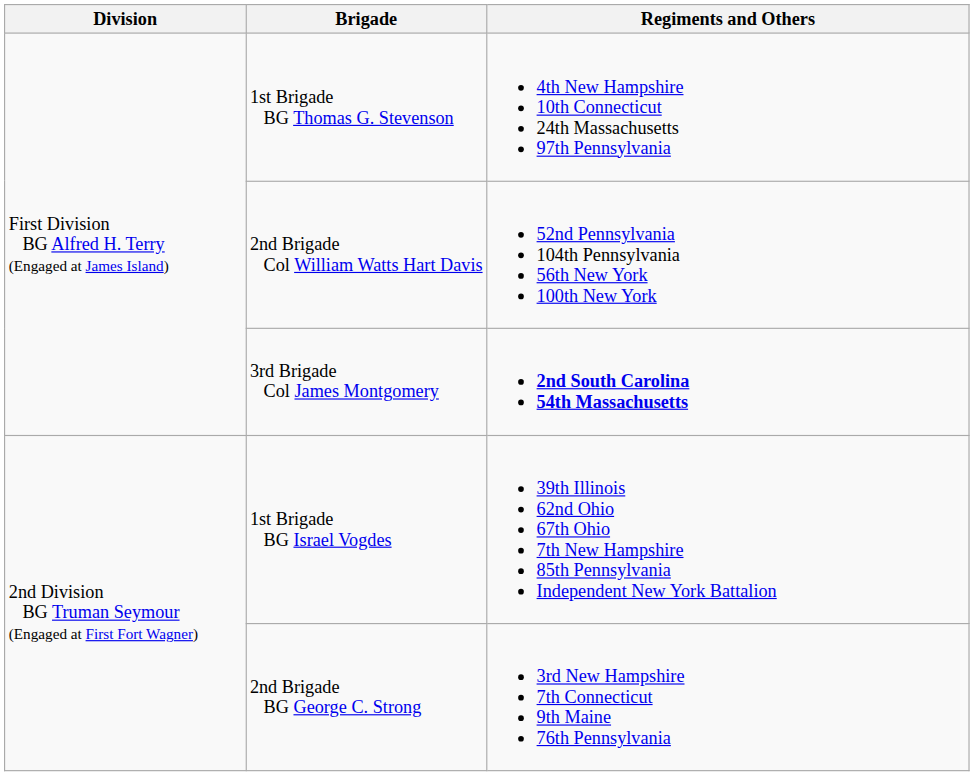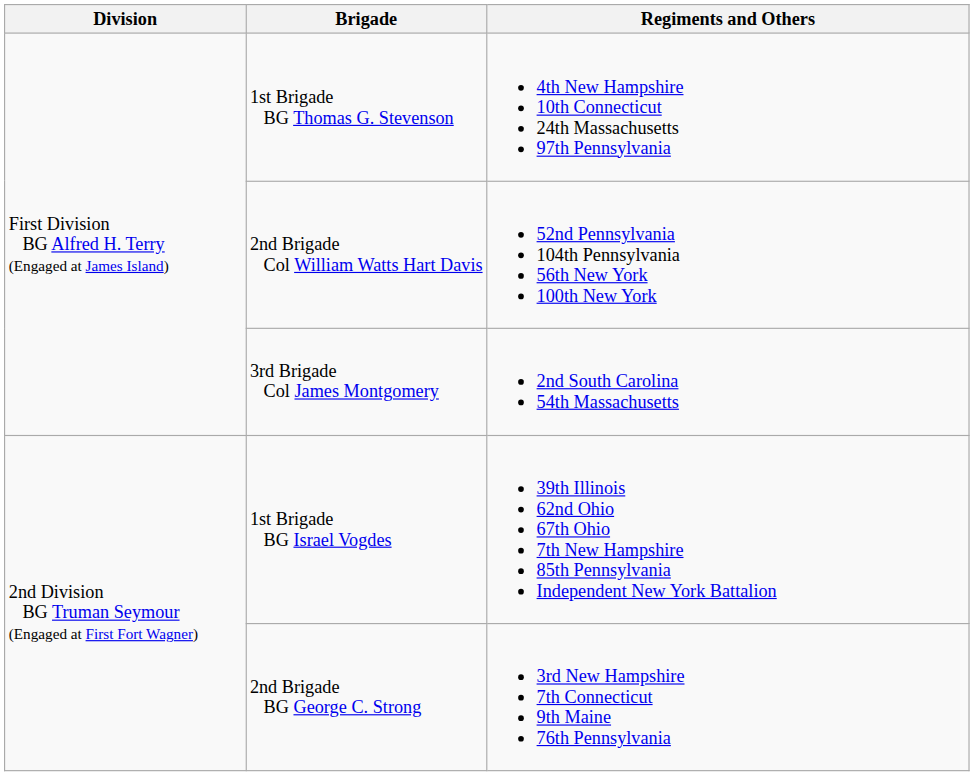 <table class="wikitable">
 <tr>
 <th width=25%>Division</th>
 <th width=25%>Brigade</th>
 <th>Regiments and Others</th>
 </tr>
 <tr>
 <td rowspan=3><br>First Division <br>   BG <a href='#'>Alfred H. Terry</a><br><small>(Engaged at <a href='#'>James Island</a>)</small></td>
 <td>1st Brigade<br>   BG <a href='#'>Thomas G. Stevenson</a></td>
 <td><br><ul><li><a href='#'>4th New Hampshire</a></li><li><a href='#'>10th Connecticut</a></li><li>24th Massachusetts</li><li><a href='#'>97th Pennsylvania</a></li></ul></td>
 </tr>
 <tr>
 <td>2nd Brigade<br>   Col <a href='#'>William Watts Hart Davis</a></td>
 <td><br><ul><li><a href='#'>52nd Pennsylvania</a></li><li>104th Pennsylvania</li><li><a href='#'>56th New York</a></li><li><a href='#'>100th New York</a></li></ul></td>
 </tr>
 <tr>
 <td>3rd Brigade<br>   Col <a href='#'>James Montgomery</a></td>
-<td><strong><br><ul><li><a href='#'>2nd South Carolina</a></li><li><a href='#'>54th Massachusetts</a></li></ul></strong></td>
+<td><br><ul><li><a href='#'>2nd South Carolina</a></li><li><a href='#'>54th Massachusetts</a></li></ul></td>
 </tr>
 <tr>
 <td rowspan=2><br>2nd Division <br>   BG <a href='#'>Truman Seymour</a><br><small>(Engaged at <a href='#'>First Fort Wagner</a>)</small></td>
 <td>1st Brigade<br>   BG <a href='#'>Israel Vogdes</a></td>
 <td><br><ul><li><a href='#'>39th Illinois</a></li><li><a href='#'>62nd Ohio</a></li><li><a href='#'>67th Ohio</a></li><li><a href='#'>7th New Hampshire</a></li><li><a href='#'>85th Pennsylvania</a></li><li><a href='#'>Independent New York Battalion</a></li></ul></td>
 </tr>
 <tr>
 <td>2nd Brigade<br>   BG <a href='#'>George C. Strong</a></td>
 <td><br><ul><li><a href='#'>3rd New Hampshire</a></li><li><a href='#'>7th Connecticut</a></li><li><a href='#'>9th Maine</a></li><li><a href='#'>76th Pennsylvania</a></li></ul></td>
 </tr>
 </table>
